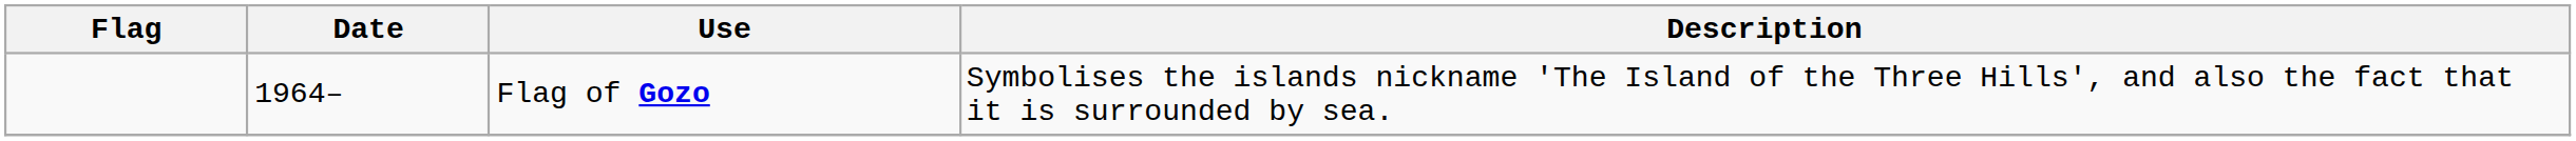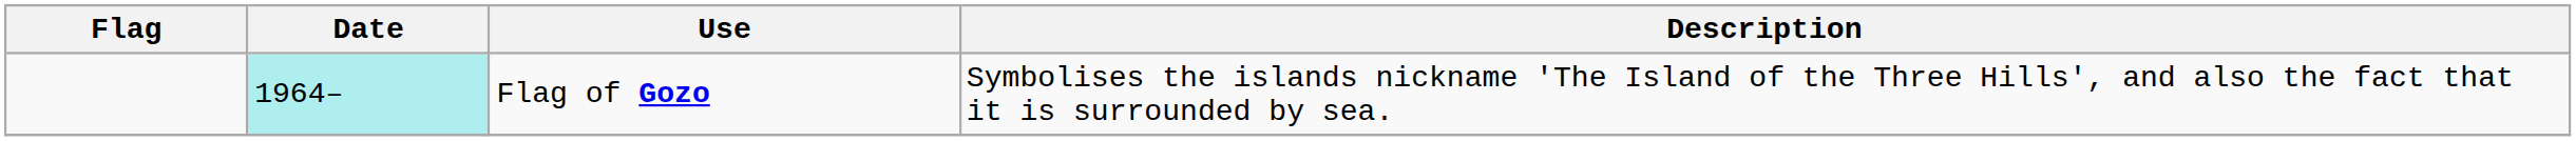 <table class="wikitable">
 <tr>
 <th style="width:100px;">Flag</th>
 <th style="width:100px;">Date</th>
 <th style="width:200px;">Use</th>
 <th style="width:700px;">Description</th>
 </tr>
 <tr>
 <td></td>
-<td>1964–</td>
+<td style="background: paleturquoise;">1964–</td>
 <td>Flag of <strong><a href='#'>Gozo</a></strong></td>
 <td>Symbolises the islands nickname 'The Island of the Three Hills', and also the fact that it is surrounded by sea.</td>
 </tr>
 <tr>
 </tr>
 </table>
